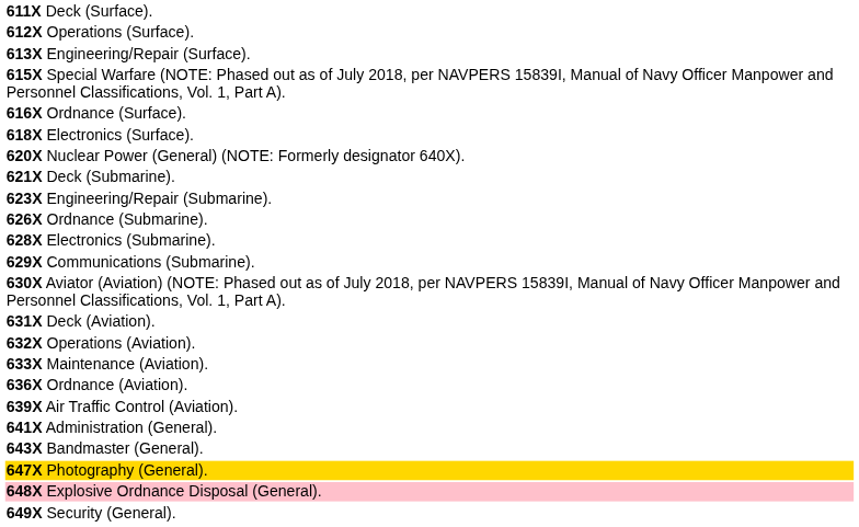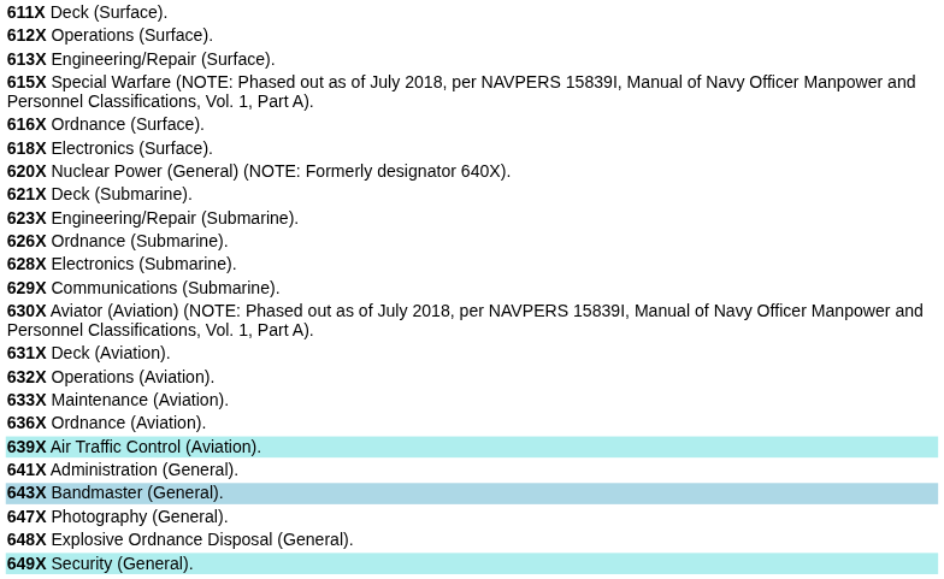 <table>
 <tr>
 <td><strong>611X</strong> Deck (Surface).</td>
 </tr>
 <tr>
 <td><strong>612X</strong> Operations (Surface).</td>
 </tr>
 <tr>
 <td><strong>613X</strong> Engineering/Repair (Surface).</td>
 </tr>
 <tr>
 <td><strong>615X</strong> Special Warfare (NOTE: Phased out as of July 2018, per NAVPERS 15839I, Manual of Navy Officer Manpower and Personnel Classifications, Vol. 1, Part A).</td>
 </tr>
 <tr>
 <td><strong>616X</strong> Ordnance (Surface).</td>
 </tr>
 <tr>
 <td><strong>618X</strong> Electronics (Surface).</td>
 </tr>
 <tr>
 <td><strong>620X</strong> Nuclear Power (General) (NOTE: Formerly designator 640X).</td>
 </tr>
 <tr>
 <td><strong>621X</strong> Deck (Submarine).</td>
 </tr>
 <tr>
 <td><strong>623X</strong> Engineering/Repair (Submarine).</td>
 </tr>
 <tr>
 <td><strong>626X</strong> Ordnance (Submarine).</td>
 </tr>
 <tr>
 <td><strong>628X</strong> Electronics (Submarine).</td>
 </tr>
 <tr>
 <td><strong>629X</strong> Communications (Submarine).</td>
 </tr>
 <tr>
 <td><strong>630X</strong> Aviator (Aviation) (NOTE: Phased out as of July 2018, per NAVPERS 15839I, Manual of Navy Officer Manpower and Personnel Classifications, Vol. 1, Part A).</td>
 </tr>
 <tr>
 <td><strong>631X</strong> Deck (Aviation).</td>
 </tr>
 <tr>
 <td><strong>632X</strong> Operations (Aviation).</td>
 </tr>
 <tr>
 <td><strong>633X</strong> Maintenance (Aviation).</td>
 </tr>
 <tr>
 <td><strong>636X</strong> Ordnance (Aviation).</td>
 </tr>
 <tr>
-<td><strong>639X</strong> Air Traffic Control (Aviation).</td>
+<td style="background: paleturquoise;"><strong>639X</strong> Air Traffic Control (Aviation).</td>
 </tr>
 <tr>
 <td><strong>641X</strong> Administration (General).</td>
 </tr>
 <tr>
-<td><strong>643X</strong> Bandmaster (General).</td>
+<td style="background: lightblue;"><strong>643X</strong> Bandmaster (General).</td>
 </tr>
 <tr>
-<td style="background: gold;"><strong>647X</strong> Photography (General).</td>
+<td><strong>647X</strong> Photography (General).</td>
 </tr>
 <tr>
-<td style="background: pink;"><strong>648X</strong> Explosive Ordnance Disposal (General).</td>
+<td><strong>648X</strong> Explosive Ordnance Disposal (General).</td>
 </tr>
 <tr>
-<td><strong>649X</strong> Security (General).</td>
+<td style="background: paleturquoise;"><strong>649X</strong> Security (General).</td>
 </tr>
 </table>
